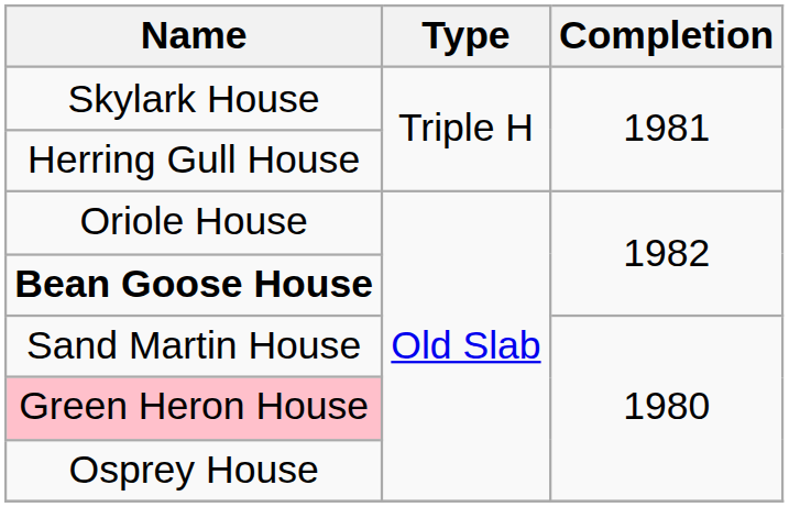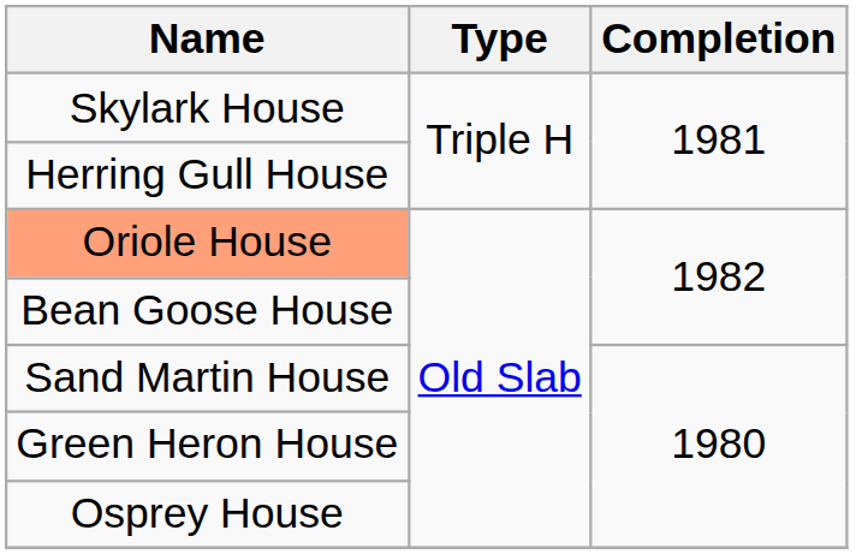 <table class="wikitable" style="text-align: center">
 <tr>
 <th>Name</th>
 <th>Type</th>
 <th>Completion</th>
 </tr>
 <tr>
 <td>Skylark House</td>
 <td rowspan="2">Triple H</td>
 <td rowspan="2">1981</td>
 </tr>
 <tr>
 <td>Herring Gull House</td>
 </tr>
 <tr>
-<td>Oriole House</td>
+<td style="background: lightsalmon;">Oriole House</td>
 <td rowspan="5"><a href='#'>Old Slab</a></td>
 <td rowspan="2">1982</td>
 </tr>
 <tr>
-<td><strong>Bean Goose House</strong></td>
+<td>Bean Goose House</td>
 </tr>
 <tr>
 <td>Sand Martin House</td>
 <td rowspan="3">1980</td>
 </tr>
 <tr>
-<td style="background: pink;">Green Heron House</td>
+<td>Green Heron House</td>
 </tr>
 <tr>
 <td>Osprey House</td>
 </tr>
 <tr>
 </tr>
 </table>
